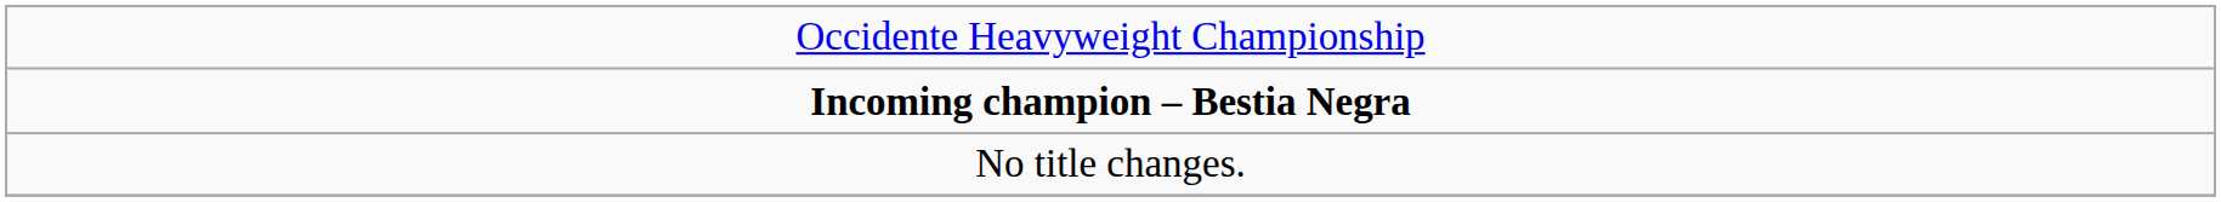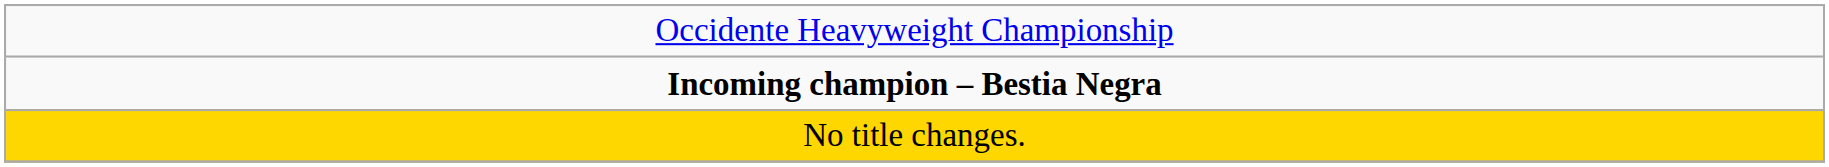 <table class="wikitable" style="text-align:center; width:100%;">
 <tr>
 <td colspan="4" style="text-align: center;"><a href='#'>Occidente Heavyweight Championship</a></td>
 </tr>
 <tr>
 <td colspan="4" style="text-align: center;"><strong>Incoming champion – Bestia Negra</strong></td>
 </tr>
 <tr>
-<td>No title changes.</td>
+<td style="background: gold;">No title changes.</td>
 </tr>
 <tr>
 </tr>
 </table>
